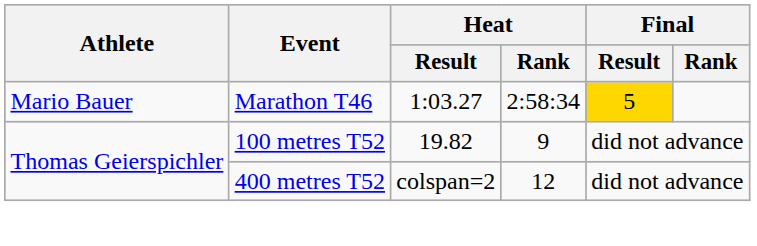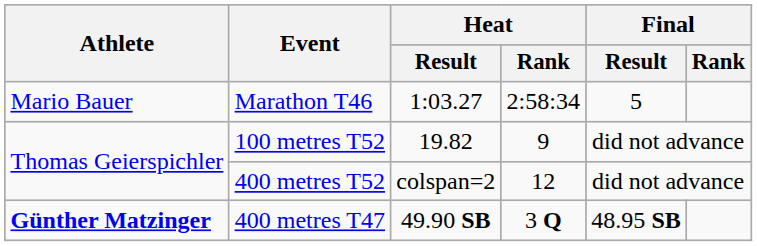 <table class="wikitable" style="font-size:90%">
 <tr>
 <th rowspan="2">Athlete</th>
 <th rowspan="2">Event</th>
 <th colspan="2">Heat</th>
 <th colspan="2">Final</th>
 </tr>
 <tr style="font-size:95%">
 <th>Result</th>
 <th>Rank</th>
 <th>Result</th>
 <th>Rank</th>
 </tr>
 <tr align=center>
 <td align=left><a href='#'>Mario Bauer</a></td>
 <td align=left><a href='#'>Marathon T46</a></td>
 <td>1:03.27</td>
 <td>2:58:34</td>
-<td style="background: gold;">5</td>
+<td>5</td>
 </tr>
 <tr align=center>
 <td align=left rowspan=2><a href='#'>Thomas Geierspichler</a></td>
 <td align=left><a href='#'>100 metres T52</a></td>
 <td>19.82</td>
 <td>9</td>
 <td colspan=2>did not advance</td>
 </tr>
 <tr align=center>
 <td align=left><a href='#'>400 metres T52</a></td>
 <td>colspan=2</td>
 <td>12</td>
 <td colspan=2>did not advance</td>
 </tr>
+<tr align=center>
+<td align=left><strong><a href='#'>Günther Matzinger</a></strong></td>
+<td align=left><a href='#'>400 metres T47</a></td>
+<td>49.90 <strong>SB</strong></td>
+<td>3 <strong>Q</strong></td>
+<td>48.95 <strong>SB</strong></td>
+<td></td>
+</tr>
 </table>
